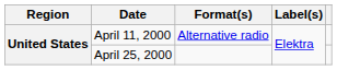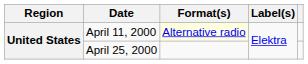 <table class="wikitable plainrowheaders">
 <tr>
 <th scope="col">Region</th>
 <th scope="col">Date</th>
 <th scope="col">Format(s)</th>
 <th scope="col">Label(s)</th>
 <th scope="col"></th>
 </tr>
 <tr>
 <th scope="row" rowspan="2">United States</th>
 <td>April 11, 2000</td>
-<td><a href='#'>Alternative radio</a></td>
+<td style="background: lightyellow;"><a href='#'>Alternative radio</a></td>
 <td rowspan="2"><a href='#'>Elektra</a></td>
 <td></td>
 </tr>
 <tr>
 <td>April 25, 2000</td>
 <td></td>
 <td></td>
 </tr>
 </table>
